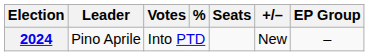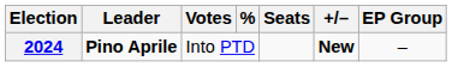 <table class="wikitable" style="text-align:center">
 <tr>
 <th>Election</th>
 <th>Leader</th>
 <th>Votes</th>
 <th>%</th>
 <th>Seats</th>
 <th>+/–</th>
 <th>EP Group</th>
 </tr>
 <tr>
 <th><a href='#'>2024</a></th>
-<td>Pino Aprile</td>
+<td><strong>Pino Aprile</strong></td>
 <td colspan="2">Into <a href='#'>PTD</a></td>
 <td></td>
-<td>New</td>
+<td><strong>New</strong></td>
 <td>–</td>
 </tr>
 </table>
